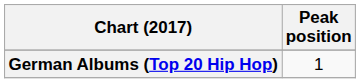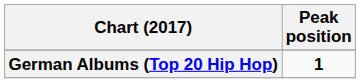 <table class="wikitable sortable plainrowheaders" style="text-align:center">
 <tr>
 <th scope="col">Chart (2017)</th>
 <th scope="col">Peak<br>position</th>
 </tr>
 <tr>
 </tr>
 <tr>
 </tr>
 <tr>
 <th scope="row">German Albums (<a href='#'>Top 20 Hip Hop</a>)</th>
-<td>1</td>
+<td><strong>1</strong></td>
 </tr>
 <tr>
 </tr>
 </table>
